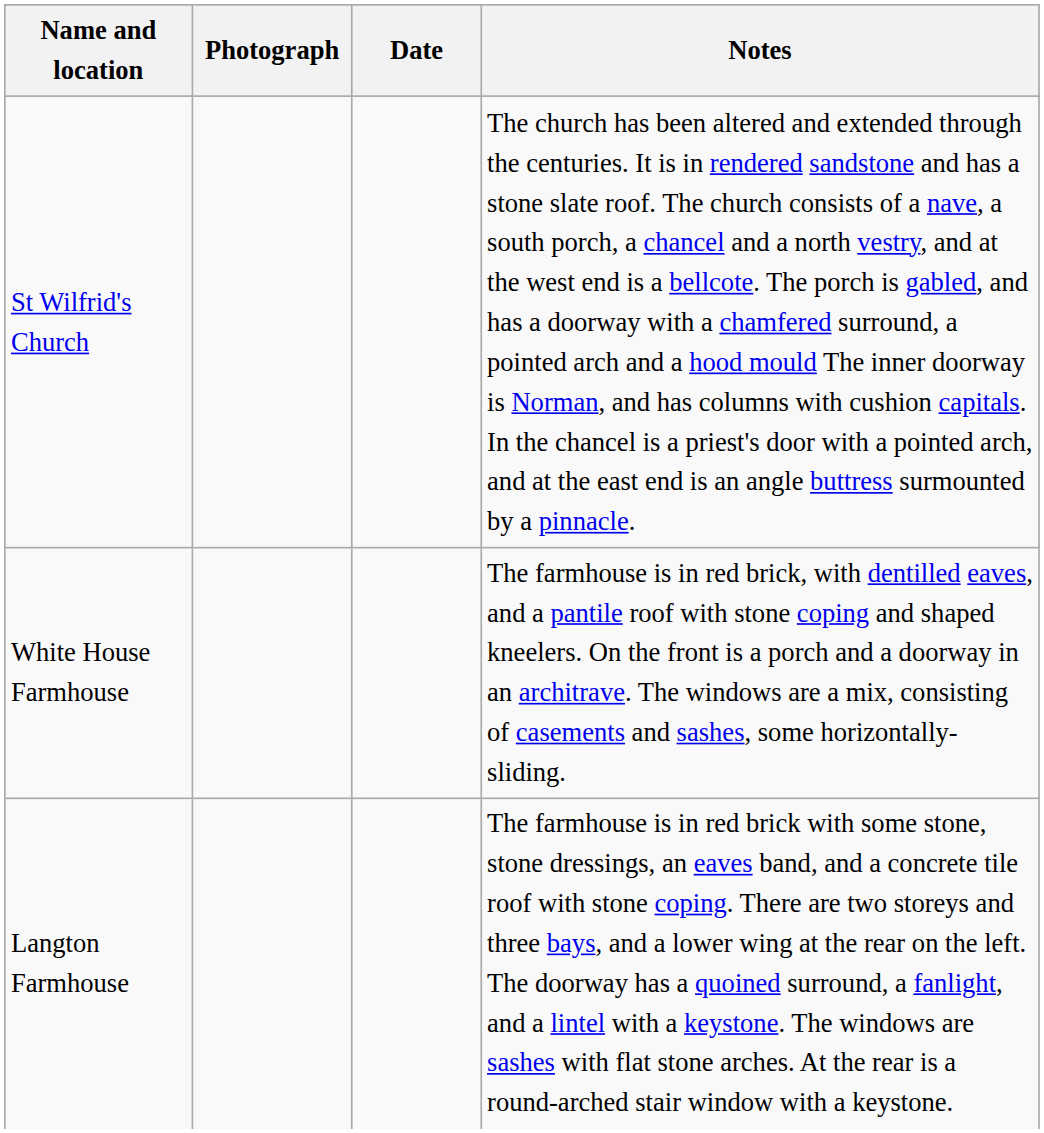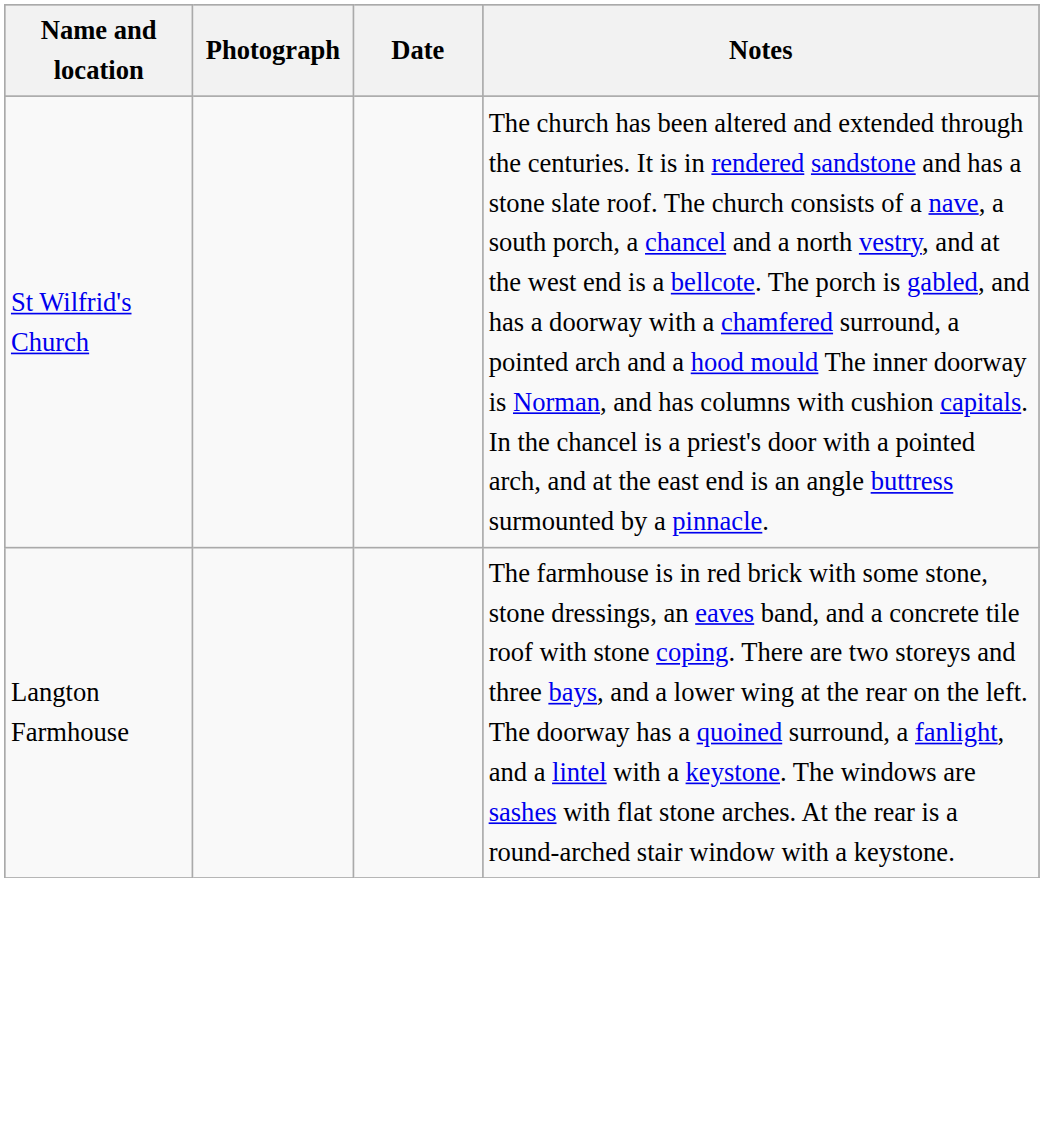 <table class="wikitable sortable plainrowheaders" style="width:100%;border:0px;text-align:left;line-height:150%;">
 <tr>
 <th scope="col"  style="width:150px">Name and location</th>
 <th scope="col"  style="width:100px" class="unsortable">Photograph</th>
 <th scope="col"  style="width:120px">Date</th>
 <th scope="col"  style="width:650px" class="unsortable">Notes</th>
 </tr>
 <tr>
 <td><a href='#'>St Wilfrid's Church</a><br><small></small></td>
 <td></td>
 <td align="center"></td>
 <td>The church has been altered and extended through the centuries.  It is in <a href='#'>rendered</a> <a href='#'>sandstone</a> and has a stone slate roof.  The church consists of a <a href='#'>nave</a>, a south porch, a <a href='#'>chancel</a> and a north <a href='#'>vestry</a>, and at the west end is a <a href='#'>bellcote</a>.  The porch is <a href='#'>gabled</a>, and has a doorway with a <a href='#'>chamfered</a> surround, a pointed arch and a <a href='#'>hood mould</a>  The inner doorway is <a href='#'>Norman</a>, and has columns with cushion <a href='#'>capitals</a>.  In the chancel is a priest's door with a pointed arch, and at the east end is an angle <a href='#'>buttress</a> surmounted by a <a href='#'>pinnacle</a>.</td>
 </tr>
 <tr>
-<td>White House Farmhouse<br><small></small></td>
-<td></td>
-<td align="center"></td>
-<td>The farmhouse is in red brick, with <a href='#'>dentilled</a> <a href='#'>eaves</a>, and a <a href='#'>pantile</a> roof with stone <a href='#'>coping</a> and shaped kneelers.  On the front is a porch and a doorway in an <a href='#'>architrave</a>.  The windows are a mix, consisting of <a href='#'>casements</a> and <a href='#'>sashes</a>, some horizontally-sliding.</td>
-</tr>
-<tr>
 <td>Langton Farmhouse<br><small></small></td>
 <td></td>
 <td align="center"></td>
 <td>The farmhouse is in red brick with some stone, stone dressings, an <a href='#'>eaves</a> band, and a concrete tile roof with stone <a href='#'>coping</a>.  There are two storeys and three <a href='#'>bays</a>, and a lower wing at the rear on the left.  The doorway has a <a href='#'>quoined</a> surround, a <a href='#'>fanlight</a>, and a <a href='#'>lintel</a> with a <a href='#'>keystone</a>.  The windows are <a href='#'>sashes</a> with flat stone arches.  At the rear is a round-arched stair window with a keystone.</td>
 </tr>
 <tr>
 </tr>
 </table>
